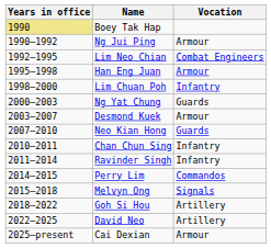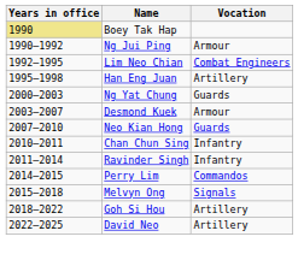 <table class="wikitable mw-collapsible" style="margin:auto;font-align:center;">
 <tr>
 <th>Years in office</th>
 <th>Name</th>
 <th>Vocation</th>
 </tr>
 <tr>
 <td style="background: khaki;">1990</td>
 <td>Boey Tak Hap</td>
 <td></td>
 </tr>
 <tr>
 <td>1990–1992</td>
 <td><a href='#'>Ng Jui Ping</a></td>
 <td>Armour</td>
 </tr>
 <tr>
 <td>1992–1995</td>
 <td><a href='#'>Lim Neo Chian</a></td>
 <td><a href='#'>Combat Engineers</a></td>
 </tr>
 <tr>
 <td>1995–1998</td>
 <td><a href='#'>Han Eng Juan</a></td>
-<td><a href='#'>Armour</a></td>
-</tr>
-<tr>
-<td>1998–2000</td>
-<td><a href='#'>Lim Chuan Poh</a></td>
-<td><a href='#'>Infantry</a></td>
+<td>Artillery</td>
 </tr>
 <tr>
 <td>2000–2003</td>
 <td><a href='#'>Ng Yat Chung</a></td>
 <td>Guards</td>
 </tr>
 <tr>
 <td>2003–2007</td>
 <td><a href='#'>Desmond Kuek</a></td>
 <td>Armour</td>
 </tr>
 <tr>
 <td>2007–2010</td>
 <td><a href='#'>Neo Kian Hong</a></td>
 <td><a href='#'>Guards</a></td>
 </tr>
 <tr>
 <td>2010–2011</td>
 <td><a href='#'>Chan Chun Sing</a></td>
 <td>Infantry</td>
 </tr>
 <tr>
 <td>2011–2014</td>
 <td><a href='#'>Ravinder Singh</a></td>
 <td>Infantry</td>
 </tr>
 <tr>
 <td>2014–2015</td>
 <td><a href='#'>Perry Lim</a></td>
 <td><a href='#'>Commandos</a></td>
 </tr>
 <tr>
 <td>2015–2018</td>
 <td><a href='#'>Melvyn Ong</a></td>
 <td><a href='#'>Signals</a></td>
 </tr>
 <tr>
 <td>2018–2022</td>
 <td><a href='#'>Goh Si Hou</a></td>
 <td>Artillery</td>
 </tr>
 <tr>
 <td>2022–2025</td>
 <td><a href='#'>David Neo</a></td>
 <td>Artillery</td>
 </tr>
-<tr>
-<td>2025–present</td>
-<td>Cai Dexian</td>
-<td>Armour</td>
-</tr>
 </table>
